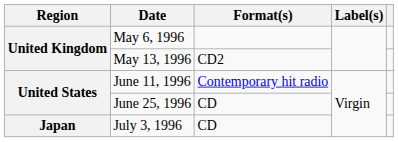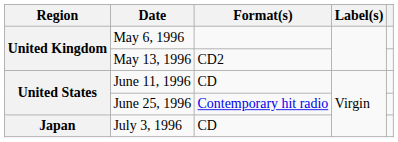 <table class="wikitable plainrowheaders" style="text-align:left">
 <tr>
 <th scope="col">Region</th>
 <th scope="col">Date</th>
 <th scope="col">Format(s)</th>
 <th scope="col">Label(s)</th>
 <th scope="col"></th>
 </tr>
 <tr>
 <th scope="row" rowspan="2">United Kingdom</th>
 <td>May 6, 1996</td>
 <td></td>
 <td rowspan="2"></td>
 <td></td>
 </tr>
 <tr>
 <td>May 13, 1996</td>
 <td>CD2</td>
 <td></td>
 </tr>
 <tr>
 <th scope="row" rowspan="2">United States</th>
 <td>June 11, 1996</td>
-<td><a href='#'>Contemporary hit radio</a></td>
+<td>CD</td>
 <td rowspan="3">Virgin</td>
 <td></td>
 </tr>
 <tr>
 <td>June 25, 1996</td>
-<td>CD</td>
+<td><a href='#'>Contemporary hit radio</a></td>
 <td></td>
 </tr>
 <tr>
 <th scope="row">Japan</th>
 <td>July 3, 1996</td>
 <td>CD</td>
 <td></td>
 </tr>
 </table>
